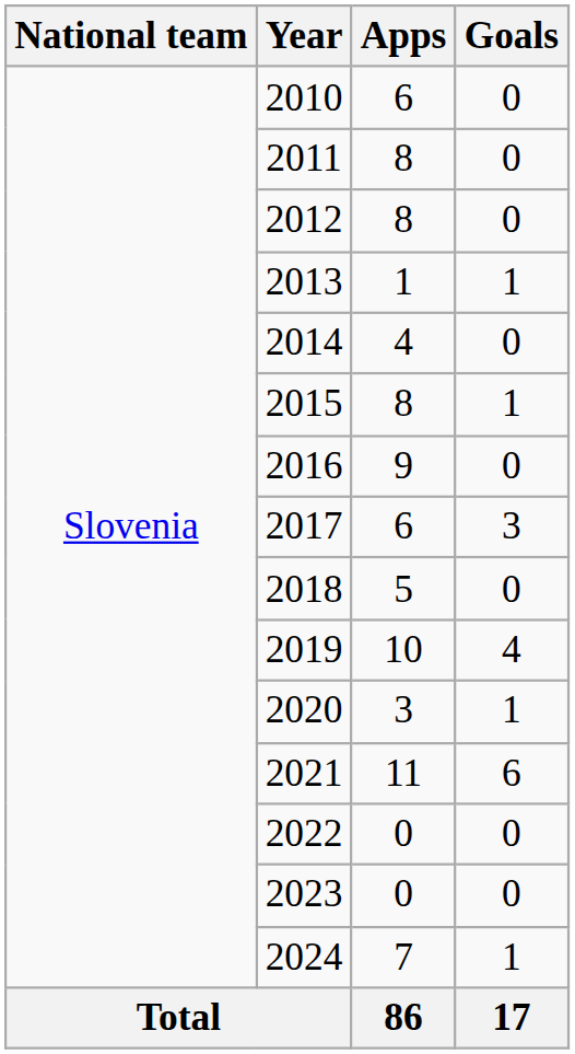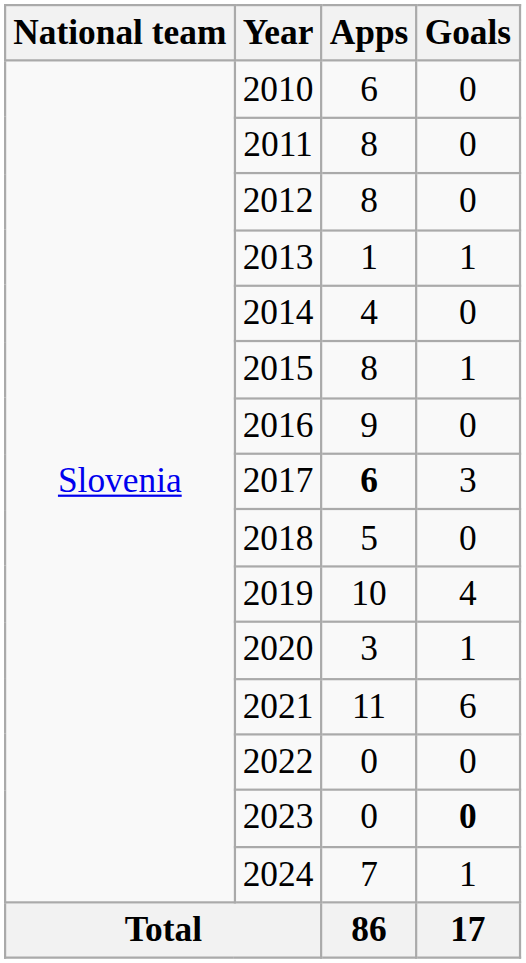 <table class="wikitable" style="text-align:center">
 <tr>
 <th>National team</th>
 <th>Year</th>
 <th>Apps</th>
 <th>Goals</th>
 </tr>
 <tr>
 <td rowspan="15"><a href='#'>Slovenia</a></td>
 <td>2010</td>
 <td>6</td>
 <td>0</td>
 </tr>
 <tr>
 <td>2011</td>
 <td>8</td>
 <td>0</td>
 </tr>
 <tr>
 <td>2012</td>
 <td>8</td>
 <td>0</td>
 </tr>
 <tr>
 <td>2013</td>
 <td>1</td>
 <td>1</td>
 </tr>
 <tr>
 <td>2014</td>
 <td>4</td>
 <td>0</td>
 </tr>
 <tr>
 <td>2015</td>
 <td>8</td>
 <td>1</td>
 </tr>
 <tr>
 <td>2016</td>
 <td>9</td>
 <td>0</td>
 </tr>
 <tr>
 <td>2017</td>
-<td>6</td>
+<td><strong>6</strong></td>
 <td>3</td>
 </tr>
 <tr>
 <td>2018</td>
 <td>5</td>
 <td>0</td>
 </tr>
 <tr>
 <td>2019</td>
 <td>10</td>
 <td>4</td>
 </tr>
 <tr>
 <td>2020</td>
 <td>3</td>
 <td>1</td>
 </tr>
 <tr>
 <td>2021</td>
 <td>11</td>
 <td>6</td>
 </tr>
 <tr>
 <td>2022</td>
 <td>0</td>
 <td>0</td>
 </tr>
 <tr>
 <td>2023</td>
 <td>0</td>
-<td>0</td>
+<td><strong>0</strong></td>
 </tr>
 <tr>
 <td>2024</td>
 <td>7</td>
 <td>1</td>
 </tr>
 <tr>
 <th colspan="2">Total</th>
 <th>86</th>
 <th>17</th>
 </tr>
 </table>
